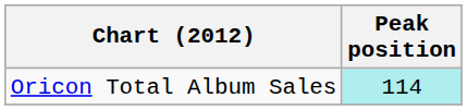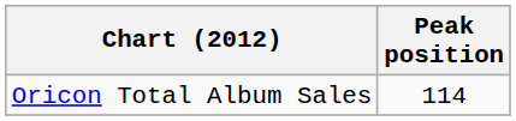 <table class="wikitable sortable" border="1">
 <tr>
 <th>Chart (2012)</th>
 <th>Peak<br>position</th>
 </tr>
 <tr>
 <td><a href='#'>Oricon</a> Total Album Sales</td>
-<td align="center" style="background: paleturquoise;">114</td>
+<td align="center">114</td>
 </tr>
 </table>
